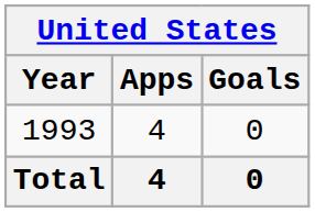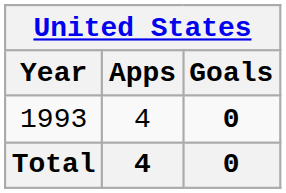 <table class="wikitable" style="text-align:center">
 <tr>
 <th colspan=3><a href='#'>United States</a></th>
 </tr>
 <tr>
 <th>Year</th>
 <th>Apps</th>
 <th>Goals</th>
 </tr>
 <tr>
 <td>1993</td>
 <td>4</td>
-<td>0</td>
+<td><strong>0</strong></td>
 </tr>
 <tr>
 <th>Total</th>
 <th>4</th>
 <th>0</th>
 </tr>
 </table>
